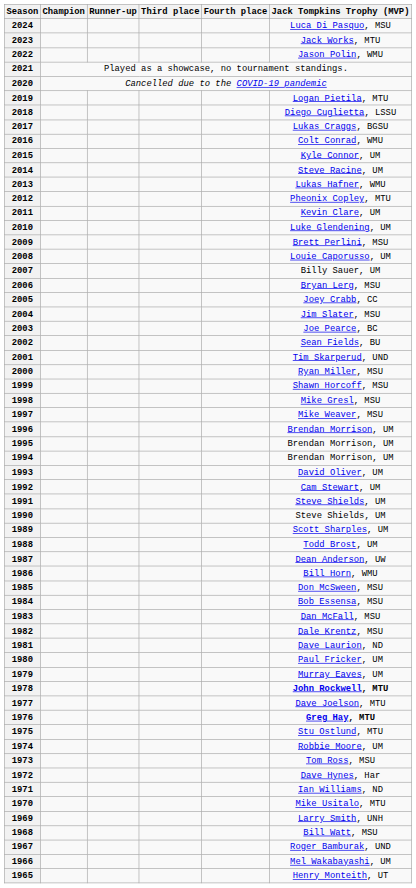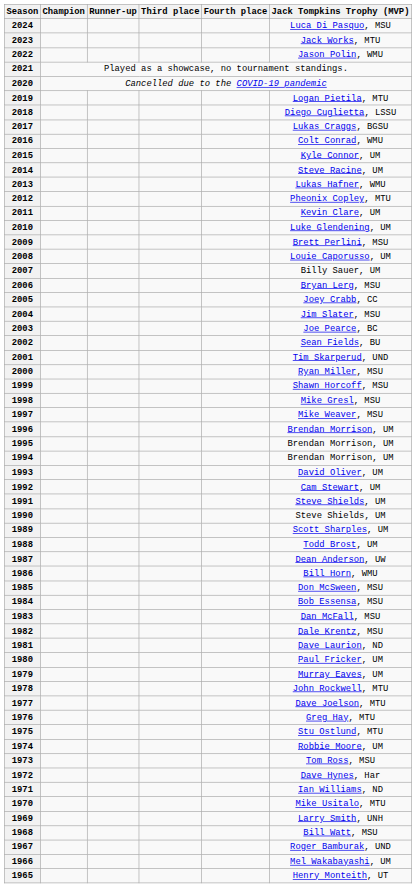 <table class="wikitable" style="text-align:center" cellpadding=2 cellspacing=2>
 <tr>
 <th>Season</th>
 <th>Champion</th>
 <th>Runner-up</th>
 <th>Third place</th>
 <th>Fourth place</th>
 <th>Jack Tompkins Trophy (MVP)</th>
 </tr>
 <tr>
 <th>2024</th>
 <td><strong><a href='#'></a></strong></td>
 <td><strong><a href='#'></a></strong></td>
 <td><strong><a href='#'></a></strong></td>
 <td><strong><a href='#'></a></strong></td>
 <td><a href='#'>Luca Di Pasquo</a>, MSU</td>
 </tr>
 <tr>
 <th>2023</th>
 <td><strong><a href='#'></a></strong></td>
 <td><strong><a href='#'></a></strong></td>
 <td><strong><a href='#'></a></strong></td>
 <td><strong><a href='#'></a></strong></td>
 <td><a href='#'>Jack Works</a>, MTU</td>
 </tr>
 <tr>
 <th>2022</th>
 <td><strong><a href='#'></a></strong></td>
 <td><strong><a href='#'></a></strong></td>
 <td><strong><a href='#'></a></strong></td>
 <td><strong><a href='#'></a></strong></td>
 <td><a href='#'>Jason Polin</a>, WMU</td>
 </tr>
 <tr>
 <th>2021</th>
 <td colspan=5>Played as a showcase, no tournament standings.</td>
 </tr>
 <tr>
 <th>2020</th>
 <td colspan="5" align="center"><em>Cancelled due to the <a href='#'>COVID-19 pandemic</a></em></td>
 </tr>
 <tr>
 <th>2019</th>
 <td><strong><a href='#'></a></strong></td>
 <td><strong><a href='#'></a></strong></td>
 <td><strong><a href='#'></a></strong></td>
 <td><strong><a href='#'></a></strong></td>
 <td><a href='#'>Logan Pietila</a>, MTU</td>
 </tr>
 <tr>
 <th>2018</th>
 <td><strong><a href='#'></a></strong></td>
 <td><strong><a href='#'></a></strong></td>
 <td><strong><a href='#'></a></strong></td>
 <td><strong><a href='#'></a></strong></td>
 <td><a href='#'>Diego Cuglietta</a>, LSSU</td>
 </tr>
 <tr>
 <th>2017</th>
 <td><strong><a href='#'></a></strong></td>
 <td><strong><a href='#'></a></strong></td>
 <td><strong><a href='#'></a></strong></td>
 <td><strong><a href='#'></a></strong></td>
 <td><a href='#'>Lukas Craggs</a>, BGSU</td>
 </tr>
 <tr>
 <th>2016</th>
 <td><strong><a href='#'></a></strong></td>
 <td><strong><a href='#'></a></strong></td>
 <td><strong><a href='#'></a></strong></td>
 <td><strong><a href='#'></a></strong></td>
 <td><a href='#'>Colt Conrad</a>, WMU</td>
 </tr>
 <tr>
 <th>2015</th>
 <td><strong><a href='#'></a></strong></td>
 <td><strong><a href='#'></a></strong></td>
 <td><strong><a href='#'></a></strong></td>
 <td><strong><a href='#'></a></strong></td>
 <td><a href='#'>Kyle Connor</a>, UM</td>
 </tr>
 <tr>
 <th>2014</th>
 <td><strong><a href='#'></a></strong></td>
 <td><strong><a href='#'></a></strong></td>
 <td><strong><a href='#'></a></strong></td>
 <td><strong><a href='#'></a></strong></td>
 <td><a href='#'>Steve Racine</a>, UM</td>
 </tr>
 <tr>
 <th>2013</th>
 <td><strong><a href='#'></a></strong></td>
 <td><strong><a href='#'></a></strong></td>
 <td><strong><a href='#'></a></strong></td>
 <td><strong><a href='#'></a></strong></td>
 <td><a href='#'>Lukas Hafner</a>, WMU</td>
 </tr>
 <tr>
 <th>2012</th>
 <td><strong><a href='#'></a></strong></td>
 <td><strong><a href='#'></a></strong></td>
 <td><strong><a href='#'></a></strong></td>
 <td><strong><a href='#'></a></strong></td>
 <td><a href='#'>Pheonix Copley</a>, MTU</td>
 </tr>
 <tr>
 <th>2011</th>
 <td><strong><a href='#'></a></strong></td>
 <td><strong><a href='#'></a></strong></td>
 <td><strong><a href='#'></a></strong></td>
 <td><strong><a href='#'></a></strong></td>
 <td><a href='#'>Kevin Clare</a>, UM</td>
 </tr>
 <tr>
 <th>2010</th>
 <td><strong><a href='#'></a></strong></td>
 <td><strong><a href='#'></a></strong></td>
 <td><strong><a href='#'></a></strong></td>
 <td><strong><a href='#'></a></strong></td>
 <td><a href='#'>Luke Glendening</a>, UM</td>
 </tr>
 <tr>
 <th>2009</th>
 <td><strong><a href='#'></a></strong></td>
 <td><strong><a href='#'></a></strong></td>
 <td><strong><a href='#'></a></strong></td>
 <td><strong><a href='#'></a></strong></td>
 <td><a href='#'>Brett Perlini</a>, MSU</td>
 </tr>
 <tr>
 <th>2008</th>
 <td><strong><a href='#'></a></strong></td>
 <td><strong><a href='#'></a></strong></td>
 <td><strong><a href='#'></a></strong></td>
 <td><strong><a href='#'></a></strong></td>
 <td><a href='#'>Louie Caporusso</a>, UM</td>
 </tr>
 <tr>
 <th>2007</th>
 <td><strong><a href='#'></a></strong></td>
 <td><strong><a href='#'></a></strong></td>
 <td><strong><a href='#'></a></strong></td>
 <td><strong><a href='#'></a></strong></td>
 <td>Billy Sauer, UM</td>
 </tr>
 <tr M>
 <th>2006</th>
 <td><strong><a href='#'></a></strong></td>
 <td><strong><a href='#'></a></strong></td>
 <td><strong><a href='#'></a></strong></td>
 <td><strong><a href='#'></a></strong></td>
 <td><a href='#'>Bryan Lerg</a>, MSU</td>
 </tr>
 <tr>
 <th>2005</th>
 <td><strong><a href='#'></a></strong></td>
 <td><strong><a href='#'></a></strong></td>
 <td><strong><a href='#'></a></strong></td>
 <td><strong><a href='#'></a></strong></td>
 <td><a href='#'>Joey Crabb</a>, CC</td>
 </tr>
 <tr>
 <th>2004</th>
 <td><strong><a href='#'></a></strong></td>
 <td><strong><a href='#'></a></strong></td>
 <td><strong><a href='#'></a></strong></td>
 <td><strong><a href='#'></a></strong></td>
 <td><a href='#'>Jim Slater</a>, MSU</td>
 </tr>
 <tr>
 <th>2003</th>
 <td><strong><a href='#'></a></strong></td>
 <td><strong><a href='#'></a></strong></td>
 <td><strong><a href='#'></a></strong></td>
 <td><strong><a href='#'></a></strong></td>
 <td><a href='#'>Joe Pearce</a>, BC</td>
 </tr>
 <tr>
 <th>2002</th>
 <td><strong><a href='#'></a></strong></td>
 <td><strong><a href='#'></a></strong></td>
 <td><strong><a href='#'></a></strong></td>
 <td><strong><a href='#'></a></strong></td>
 <td><a href='#'>Sean Fields</a>, BU</td>
 </tr>
 <tr>
 <th>2001</th>
 <td><strong><a href='#'></a></strong></td>
 <td><strong><a href='#'></a></strong></td>
 <td><strong><a href='#'></a></strong></td>
 <td><strong><a href='#'></a></strong></td>
 <td><a href='#'>Tim Skarperud</a>, UND</td>
 </tr>
 <tr>
 <th>2000</th>
 <td><strong><a href='#'></a></strong></td>
 <td><strong><a href='#'></a></strong></td>
 <td><strong><a href='#'></a></strong></td>
 <td><strong><a href='#'></a></strong></td>
 <td><a href='#'>Ryan Miller</a>, MSU</td>
 </tr>
 <tr>
 <th>1999</th>
 <td><strong><a href='#'></a></strong></td>
 <td><strong><a href='#'></a></strong></td>
 <td><strong><a href='#'></a></strong></td>
 <td><strong><a href='#'></a></strong></td>
 <td><a href='#'>Shawn Horcoff</a>, MSU</td>
 </tr>
 <tr>
 <th>1998</th>
 <td><strong><a href='#'></a></strong></td>
 <td><strong><a href='#'></a></strong></td>
 <td><strong><a href='#'></a></strong></td>
 <td><strong><a href='#'></a></strong></td>
 <td><a href='#'>Mike Gresl</a>, MSU</td>
 </tr>
 <tr>
 <th>1997</th>
 <td><strong><a href='#'></a></strong></td>
 <td><strong><a href='#'></a></strong></td>
 <td><strong><a href='#'></a></strong></td>
 <td style=><small></small> <a href='#'></a></td>
 <td><a href='#'>Mike Weaver</a>, MSU</td>
 </tr>
 <tr>
 <th>1996</th>
 <td><strong><a href='#'></a></strong></td>
 <td><strong><a href='#'></a></strong></td>
 <td><strong><a href='#'></a></strong></td>
 <td><strong><a href='#'></a></strong></td>
 <td><a href='#'>Brendan Morrison</a>, UM</td>
 </tr>
 <tr>
 <th>1995</th>
 <td><strong><a href='#'></a></strong></td>
 <td><strong><a href='#'></a></strong></td>
 <td><strong><a href='#'></a></strong></td>
 <td><strong><a href='#'></a></strong></td>
 <td>Brendan Morrison, UM</td>
 </tr>
 <tr>
 <th>1994</th>
 <td><strong><a href='#'></a></strong></td>
 <td><strong><a href='#'></a></strong></td>
 <td><strong><a href='#'></a></strong></td>
 <td style=><small></small> <a href='#'></a></td>
 <td>Brendan Morrison, UM</td>
 </tr>
 <tr>
 <th>1993</th>
 <td><strong><a href='#'></a></strong></td>
 <td><strong><a href='#'></a></strong></td>
 <td><strong><a href='#'></a></strong></td>
 <td><strong><a href='#'></a></strong></td>
 <td><a href='#'>David Oliver</a>, UM</td>
 </tr>
 <tr>
 <th>1992</th>
 <td><strong><a href='#'></a></strong></td>
 <td><strong><a href='#'></a></strong></td>
 <td><strong><a href='#'></a></strong></td>
 <td><strong><a href='#'></a></strong></td>
 <td><a href='#'>Cam Stewart</a>, UM</td>
 </tr>
 <tr>
 <th>1991</th>
 <td><strong><a href='#'></a></strong></td>
 <td><strong><a href='#'></a></strong></td>
 <td><strong><a href='#'></a></strong></td>
 <td><strong><a href='#'></a></strong></td>
 <td><a href='#'>Steve Shields</a>, UM</td>
 </tr>
 <tr>
 <th>1990</th>
 <td><strong><a href='#'></a></strong></td>
 <td><strong><a href='#'></a></strong></td>
 <td><strong><a href='#'></a></strong></td>
 <td><strong><a href='#'></a></strong></td>
 <td>Steve Shields, UM</td>
 </tr>
 <tr>
 <th>1989</th>
 <td><strong><a href='#'></a></strong></td>
 <td><strong><a href='#'></a></strong></td>
 <td><strong><a href='#'></a></strong></td>
 <td><strong><a href='#'></a></strong></td>
 <td><a href='#'>Scott Sharples</a>, UM</td>
 </tr>
 <tr>
 <th>1988</th>
 <td><strong><a href='#'></a></strong></td>
 <td><strong><a href='#'></a></strong></td>
 <td><strong><a href='#'></a></strong></td>
 <td><strong><a href='#'></a></strong></td>
 <td><a href='#'>Todd Brost</a>, UM</td>
 </tr>
 <tr>
 <th>1987</th>
 <td><strong><a href='#'></a></strong></td>
 <td><strong><a href='#'></a></strong></td>
 <td><strong><a href='#'></a></strong></td>
 <td><strong><a href='#'></a></strong></td>
 <td><a href='#'>Dean Anderson</a>, UW</td>
 </tr>
 <tr>
 <th>1986</th>
 <td><strong><a href='#'></a></strong></td>
 <td><strong><a href='#'></a></strong></td>
 <td><strong><a href='#'></a></strong></td>
 <td><strong><a href='#'></a></strong></td>
 <td><a href='#'>Bill Horn</a>, WMU</td>
 </tr>
 <tr>
 <th>1985</th>
 <td><strong><a href='#'></a></strong></td>
 <td><strong><a href='#'></a></strong></td>
 <td><strong><a href='#'></a></strong></td>
 <td><strong><a href='#'></a></strong></td>
 <td><a href='#'>Don McSween</a>, MSU</td>
 </tr>
 <tr>
 <th>1984</th>
 <td><strong><a href='#'></a></strong></td>
 <td><strong><a href='#'></a></strong></td>
 <td><strong><a href='#'></a></strong></td>
 <td><strong><a href='#'></a></strong></td>
 <td><a href='#'>Bob Essensa</a>, MSU</td>
 </tr>
 <tr>
 <th>1983</th>
 <td><strong><a href='#'></a></strong></td>
 <td><strong><a href='#'></a></strong></td>
 <td><strong><a href='#'></a></strong></td>
 <td><strong><a href='#'></a></strong></td>
 <td><a href='#'>Dan McFall</a>, MSU</td>
 </tr>
 <tr>
 <th>1982</th>
 <td><strong><a href='#'></a></strong></td>
 <td><strong><a href='#'></a></strong></td>
 <td><strong><a href='#'></a></strong></td>
 <td><strong><a href='#'></a></strong></td>
 <td><a href='#'>Dale Krentz</a>, MSU</td>
 </tr>
 <tr>
 <th>1981</th>
 <td><strong><a href='#'></a></strong></td>
 <td><strong><a href='#'></a></strong></td>
 <td><strong><a href='#'></a></strong></td>
 <td><strong><a href='#'></a></strong></td>
 <td><a href='#'>Dave Laurion</a>, ND</td>
 </tr>
 <tr>
 <th>1980</th>
 <td><strong><a href='#'></a></strong></td>
 <td><strong><a href='#'></a></strong></td>
 <td><strong><a href='#'></a></strong></td>
 <td><strong><a href='#'></a></strong></td>
 <td><a href='#'>Paul Fricker</a>, UM</td>
 </tr>
 <tr>
 <th>1979</th>
 <td><strong><a href='#'></a></strong></td>
 <td><strong><a href='#'></a></strong></td>
 <td><strong><a href='#'></a></strong></td>
 <td><strong><a href='#'></a></strong></td>
 <td><a href='#'>Murray Eaves</a>, UM</td>
 </tr>
 <tr>
 <th>1978</th>
 <td><strong><a href='#'></a></strong></td>
 <td><strong><a href='#'></a></strong></td>
 <td><strong><a href='#'></a></strong></td>
 <td><strong><a href='#'></a></strong></td>
-<td><strong><a href='#'>John Rockwell</a>, MTU</strong></td>
+<td><a href='#'>John Rockwell</a>, MTU</td>
 </tr>
 <tr>
 <th>1977</th>
 <td><strong><a href='#'></a></strong></td>
 <td><strong><a href='#'></a></strong></td>
 <td><strong><a href='#'></a></strong></td>
 <td><strong><a href='#'></a></strong></td>
 <td><a href='#'>Dave Joelson</a>, MTU</td>
 </tr>
 <tr>
 <th>1976</th>
 <td><strong><a href='#'></a></strong></td>
 <td><strong><a href='#'></a></strong></td>
 <td><strong><a href='#'></a></strong></td>
 <td><strong><a href='#'></a></strong></td>
-<td><strong><a href='#'>Greg Hay</a>, MTU</strong></td>
+<td><a href='#'>Greg Hay</a>, MTU</td>
 </tr>
 <tr>
 <th>1975</th>
 <td><strong><a href='#'></a></strong></td>
 <td><strong><a href='#'></a></strong></td>
 <td><strong><a href='#'></a></strong></td>
 <td><strong><a href='#'></a></strong></td>
 <td><a href='#'>Stu Ostlund</a>, MTU</td>
 </tr>
 <tr>
 <th>1974</th>
 <td><strong><a href='#'></a></strong></td>
 <td><strong><a href='#'></a></strong></td>
 <td><strong><a href='#'></a></strong></td>
 <td><strong><a href='#'></a></strong></td>
 <td><a href='#'>Robbie Moore</a>, UM</td>
 </tr>
 <tr>
 <th>1973</th>
 <td><strong><a href='#'></a></strong></td>
 <td><strong><a href='#'></a></strong></td>
 <td><strong><a href='#'></a></strong></td>
 <td><strong><a href='#'></a></strong></td>
 <td><a href='#'>Tom Ross</a>, MSU</td>
 </tr>
 <tr>
 <th>1972</th>
 <td><strong><a href='#'></a></strong></td>
 <td><strong><a href='#'></a></strong></td>
 <td><strong><a href='#'></a></strong></td>
 <td><strong><a href='#'></a></strong></td>
 <td><a href='#'>Dave Hynes</a>, Har</td>
 </tr>
 <tr>
 <th>1971</th>
 <td><strong><a href='#'></a></strong></td>
 <td><strong><a href='#'></a></strong></td>
 <td><strong><a href='#'></a></strong></td>
 <td><strong><a href='#'></a></strong></td>
 <td><a href='#'>Ian Williams</a>, ND</td>
 </tr>
 <tr>
 <th>1970</th>
 <td><strong><a href='#'></a></strong></td>
 <td><strong><a href='#'></a></strong></td>
 <td><strong><a href='#'></a></strong></td>
 <td><strong><a href='#'></a></strong></td>
 <td><a href='#'>Mike Usitalo</a>, MTU</td>
 </tr>
 <tr>
 <th>1969</th>
 <td><strong><a href='#'></a></strong></td>
 <td><strong><a href='#'></a></strong></td>
 <td><strong><a href='#'></a></strong></td>
 <td><strong><a href='#'></a></strong></td>
 <td><a href='#'>Larry Smith</a>, UNH</td>
 </tr>
 <tr>
 <th>1968</th>
 <td><strong><a href='#'></a></strong></td>
 <td><strong><a href='#'></a></strong></td>
 <td><strong><a href='#'></a></strong></td>
 <td><strong><a href='#'></a></strong></td>
 <td><a href='#'>Bill Watt</a>, MSU</td>
 </tr>
 <tr>
 <th>1967</th>
 <td><strong><a href='#'></a></strong></td>
 <td><strong><a href='#'></a></strong></td>
 <td><strong><a href='#'></a></strong></td>
 <td><strong><a href='#'></a></strong></td>
 <td><a href='#'>Roger Bamburak</a>, UND</td>
 </tr>
 <tr>
 <th>1966</th>
 <td><strong><a href='#'></a></strong></td>
 <td><strong><a href='#'></a></strong></td>
 <td><strong><a href='#'></a></strong></td>
 <td><strong><a href='#'></a></strong></td>
 <td><a href='#'>Mel Wakabayashi</a>, UM</td>
 </tr>
 <tr>
 <th>1965</th>
 <td><strong><a href='#'></a></strong></td>
 <td><strong><a href='#'></a></strong></td>
 <td><strong><a href='#'></a></strong></td>
 <td><strong><a href='#'></a></strong></td>
 <td><a href='#'>Henry Monteith</a>, UT</td>
 </tr>
 </table>
